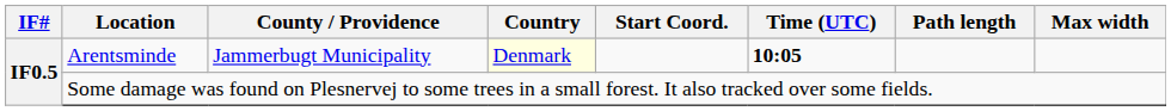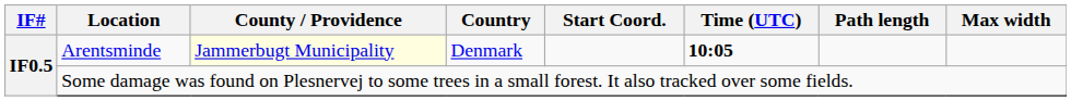 <table class="wikitable sortable" style="width:100%;">
 <tr>
 <th scope="col" width="2%" align="center"><a href='#'>IF#</a></th>
 <th scope="col" align="center" class="unsortable">Location</th>
 <th scope="col" align="center" class="unsortable">County / Providence</th>
 <th scope="col" align="center">Country</th>
 <th scope="col" align="center">Start Coord.</th>
 <th scope="col" align="center">Time (<a href='#'>UTC</a>)</th>
 <th scope="col" align="center">Path length</th>
 <th scope="col" align="center">Max width</th>
 </tr>
 <tr>
 <th scope="row" rowspan="2" style="background-color:#">IF0.5</th>
 <td><a href='#'>Arentsminde</a></td>
-<td><a href='#'>Jammerbugt Municipality</a></td>
-<td style="background: lightyellow;"><a href='#'>Denmark</a></td>
+<td style="background: lightyellow;"><a href='#'>Jammerbugt Municipality</a></td>
+<td><a href='#'>Denmark</a></td>
 <td></td>
 <td><strong>10:05</strong></td>
 <td></td>
 <td></td>
 </tr>
 <tr class="expand-child">
 <td colspan="8" style=" border-bottom: 1px solid black;">Some damage was found on Plesnervej to some trees in a small forest. It also tracked over some fields.</td>
 </tr>
 </table>
